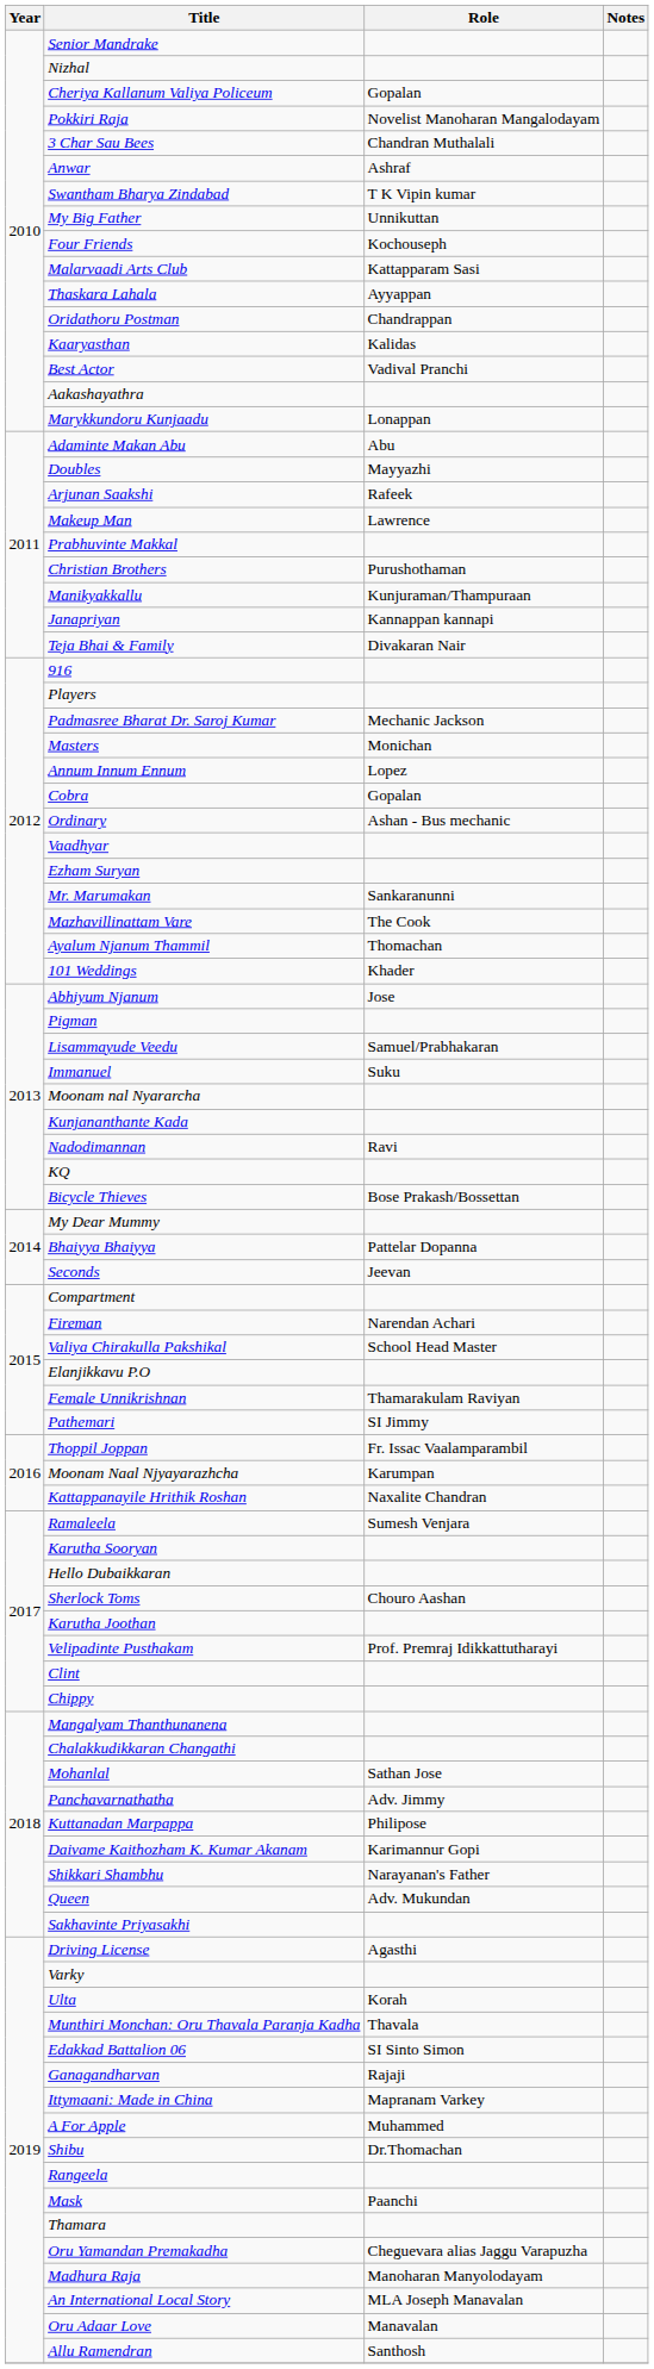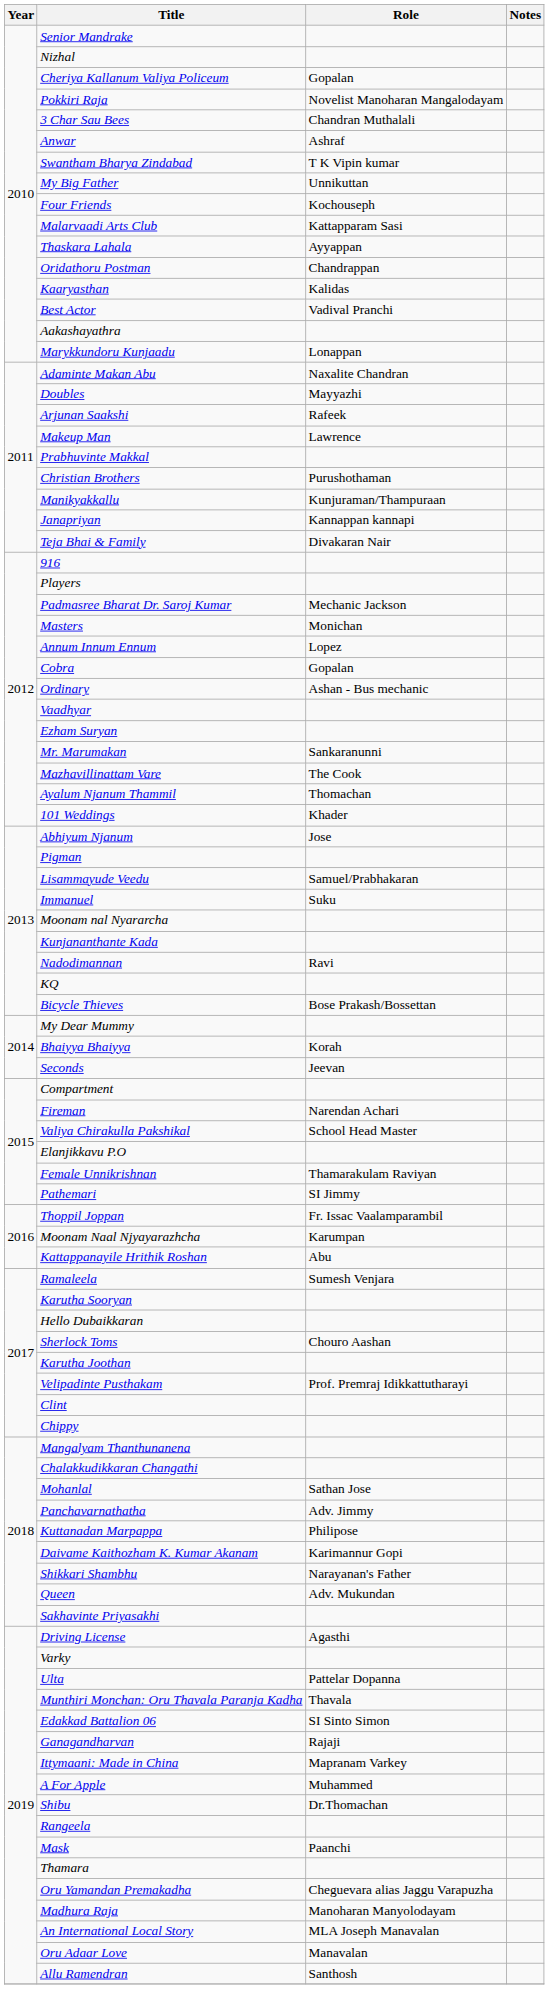 <table class="wikitable sortable">
 <tr>
 <th>Year</th>
 <th>Title</th>
 <th>Role</th>
 <th class="unsortable">Notes</th>
 </tr>
 <tr>
 <td rowspan=16>2010</td>
 <td><em><a href='#'>Senior Mandrake</a></em></td>
 <td></td>
 <td></td>
 </tr>
 <tr>
 <td><em>Nizhal</em></td>
 <td></td>
 <td></td>
 </tr>
 <tr>
 <td><em><a href='#'>Cheriya Kallanum Valiya Policeum</a></em></td>
 <td>Gopalan</td>
 <td></td>
 </tr>
 <tr>
 <td><em><a href='#'>Pokkiri Raja</a></em></td>
 <td>Novelist Manoharan Mangalodayam</td>
 <td></td>
 </tr>
 <tr>
 <td><em><a href='#'>3 Char Sau Bees</a></em></td>
 <td>Chandran Muthalali</td>
 <td></td>
 </tr>
 <tr>
 <td><em><a href='#'>Anwar</a></em></td>
 <td>Ashraf</td>
 <td></td>
 </tr>
 <tr>
 <td><em><a href='#'>Swantham Bharya Zindabad</a></em></td>
 <td>T K Vipin kumar</td>
 <td></td>
 </tr>
 <tr>
 <td><em><a href='#'>My Big Father</a></em></td>
 <td>Unnikuttan</td>
 <td></td>
 </tr>
 <tr>
 <td><em><a href='#'>Four Friends</a></em></td>
 <td>Kochouseph</td>
 <td></td>
 </tr>
 <tr>
 <td><em><a href='#'>Malarvaadi Arts Club</a></em></td>
 <td>Kattapparam Sasi</td>
 <td></td>
 </tr>
 <tr>
 <td><em><a href='#'>Thaskara Lahala</a></em></td>
 <td>Ayyappan</td>
 <td></td>
 </tr>
 <tr>
 <td><em><a href='#'>Oridathoru Postman</a></em></td>
 <td>Chandrappan</td>
 <td></td>
 </tr>
 <tr>
 <td><em><a href='#'>Kaaryasthan</a></em></td>
 <td>Kalidas</td>
 <td></td>
 </tr>
 <tr>
 <td><em><a href='#'>Best Actor</a></em></td>
 <td>Vadival Pranchi</td>
 <td></td>
 </tr>
 <tr>
 <td><em>Aakashayathra</em></td>
 <td></td>
 <td></td>
 </tr>
 <tr>
 <td><em><a href='#'>Marykkundoru Kunjaadu</a></em></td>
 <td>Lonappan</td>
 <td></td>
 </tr>
 <tr>
 <td rowspan=9>2011</td>
 <td><em><a href='#'>Adaminte Makan Abu</a></em></td>
-<td>Abu</td>
+<td>Naxalite Chandran</td>
 <td></td>
 </tr>
 <tr>
 <td><em><a href='#'>Doubles</a></em></td>
 <td>Mayyazhi</td>
 <td></td>
 </tr>
 <tr>
 <td><em><a href='#'>Arjunan Saakshi</a></em></td>
 <td>Rafeek</td>
 <td></td>
 </tr>
 <tr>
 <td><em><a href='#'>Makeup Man</a></em></td>
 <td>Lawrence</td>
 <td></td>
 </tr>
 <tr>
 <td><em><a href='#'>Prabhuvinte Makkal</a></em></td>
 <td></td>
 <td></td>
 </tr>
 <tr>
 <td><em><a href='#'>Christian Brothers</a></em></td>
 <td>Purushothaman</td>
 <td></td>
 </tr>
 <tr>
 <td><em><a href='#'>Manikyakkallu</a></em></td>
 <td>Kunjuraman/Thampuraan</td>
 <td></td>
 </tr>
 <tr>
 <td><em><a href='#'>Janapriyan</a></em></td>
 <td>Kannappan kannapi</td>
 <td></td>
 </tr>
 <tr>
 <td><em><a href='#'>Teja Bhai & Family</a></em></td>
 <td>Divakaran Nair</td>
 <td></td>
 </tr>
 <tr>
 <td rowspan=13>2012</td>
 <td><em><a href='#'>916</a></em></td>
 <td></td>
 <td></td>
 </tr>
 <tr>
 <td><em>Players</em></td>
 <td></td>
 <td></td>
 </tr>
 <tr>
 <td><em><a href='#'>Padmasree Bharat Dr. Saroj Kumar</a></em></td>
 <td>Mechanic Jackson</td>
 <td></td>
 </tr>
 <tr>
 <td><em><a href='#'>Masters</a></em></td>
 <td>Monichan</td>
 <td></td>
 </tr>
 <tr>
 <td><em><a href='#'>Annum Innum Ennum</a></em></td>
 <td>Lopez</td>
 <td></td>
 </tr>
 <tr>
 <td><em><a href='#'>Cobra</a></em></td>
 <td>Gopalan</td>
 <td></td>
 </tr>
 <tr>
 <td><em><a href='#'>Ordinary</a></em></td>
 <td>Ashan - Bus mechanic</td>
 <td></td>
 </tr>
 <tr>
 <td><em><a href='#'>Vaadhyar</a></em></td>
 <td></td>
 <td></td>
 </tr>
 <tr>
 <td><em><a href='#'>Ezham Suryan</a></em></td>
 <td></td>
 <td></td>
 </tr>
 <tr>
 <td><em><a href='#'>Mr. Marumakan</a></em></td>
 <td>Sankaranunni</td>
 <td></td>
 </tr>
 <tr>
 <td><em><a href='#'>Mazhavillinattam Vare</a></em></td>
 <td>The Cook</td>
 <td></td>
 </tr>
 <tr>
 <td><em><a href='#'>Ayalum Njanum Thammil</a></em></td>
 <td>Thomachan</td>
 <td></td>
 </tr>
 <tr>
 <td><em><a href='#'>101 Weddings</a></em></td>
 <td>Khader</td>
 <td></td>
 </tr>
 <tr>
 <td rowspan=9>2013</td>
 <td><em><a href='#'>Abhiyum Njanum</a></em></td>
 <td>Jose</td>
 <td></td>
 </tr>
 <tr>
 <td><em><a href='#'>Pigman</a></em></td>
 <td></td>
 <td></td>
 </tr>
 <tr>
 <td><em><a href='#'>Lisammayude Veedu</a></em></td>
 <td>Samuel/Prabhakaran</td>
 <td></td>
 </tr>
 <tr>
 <td><em><a href='#'>Immanuel</a></em></td>
 <td>Suku</td>
 <td></td>
 </tr>
 <tr>
 <td><em>Moonam nal Nyararcha</em></td>
 <td></td>
 <td></td>
 </tr>
 <tr>
 <td><em><a href='#'>Kunjananthante Kada</a></em></td>
 <td></td>
 <td></td>
 </tr>
 <tr>
 <td><em><a href='#'>Nadodimannan</a></em></td>
 <td>Ravi</td>
 <td></td>
 </tr>
 <tr>
 <td><em>KQ</em></td>
 <td></td>
 <td></td>
 </tr>
 <tr>
 <td><em><a href='#'>Bicycle Thieves</a></em></td>
 <td>Bose Prakash/Bossettan</td>
 <td></td>
 </tr>
 <tr>
 <td rowspan=3>2014</td>
 <td><em>My Dear Mummy</em></td>
 <td></td>
 <td></td>
 </tr>
 <tr>
 <td><em><a href='#'>Bhaiyya Bhaiyya</a></em></td>
-<td>Pattelar Dopanna</td>
+<td>Korah</td>
 <td></td>
 </tr>
 <tr>
 <td><em><a href='#'>Seconds</a></em></td>
 <td>Jeevan</td>
 <td></td>
 </tr>
 <tr>
 <td rowspan=6>2015</td>
 <td><em>Compartment</em></td>
 <td></td>
 <td></td>
 </tr>
 <tr>
 <td><em><a href='#'>Fireman</a></em></td>
 <td>Narendan Achari</td>
 <td></td>
 </tr>
 <tr>
 <td><em><a href='#'>Valiya Chirakulla Pakshikal</a></em></td>
 <td>School Head Master</td>
 <td></td>
 </tr>
 <tr>
 <td><em>Elanjikkavu P.O</em></td>
 <td></td>
 <td></td>
 </tr>
 <tr>
 <td><em><a href='#'>Female Unnikrishnan</a></em></td>
 <td>Thamarakulam Raviyan</td>
 <td></td>
 </tr>
 <tr>
 <td><em><a href='#'>Pathemari</a></em></td>
 <td>SI Jimmy</td>
 <td></td>
 </tr>
 <tr>
 <td rowspan=3>2016</td>
 <td><em><a href='#'>Thoppil Joppan</a></em></td>
 <td>Fr. Issac Vaalamparambil</td>
 <td></td>
 </tr>
 <tr>
 <td><em>Moonam Naal Njyayarazhcha</em></td>
 <td>Karumpan</td>
 <td></td>
 </tr>
 <tr>
 <td><em><a href='#'>Kattappanayile Hrithik Roshan</a></em></td>
-<td>Naxalite Chandran</td>
+<td>Abu</td>
 <td></td>
 </tr>
 <tr>
 <td rowspan=8>2017</td>
 <td><em><a href='#'>Ramaleela</a></em></td>
 <td>Sumesh Venjara</td>
 <td></td>
 </tr>
 <tr>
 <td><em><a href='#'>Karutha Sooryan</a></em></td>
 <td></td>
 <td></td>
 </tr>
 <tr>
 <td><em>Hello Dubaikkaran</em></td>
 <td></td>
 <td></td>
 </tr>
 <tr>
 <td><em><a href='#'>Sherlock Toms</a></em></td>
 <td>Chouro Aashan</td>
 <td></td>
 </tr>
 <tr>
 <td><em><a href='#'>Karutha Joothan</a></em></td>
 <td></td>
 <td></td>
 </tr>
 <tr>
 <td><em><a href='#'>Velipadinte Pusthakam</a></em></td>
 <td>Prof. Premraj Idikkattutharayi</td>
 <td></td>
 </tr>
 <tr>
 <td><em><a href='#'>Clint</a></em></td>
 <td></td>
 <td></td>
 </tr>
 <tr>
 <td><em><a href='#'>Chippy</a></em></td>
 <td></td>
 <td></td>
 </tr>
 <tr>
 <td rowspan=9>2018</td>
 <td><em><a href='#'>Mangalyam Thanthunanena</a></em></td>
 <td></td>
 <td></td>
 </tr>
 <tr>
 <td><em><a href='#'>Chalakkudikkaran Changathi</a></em></td>
 <td></td>
 <td></td>
 </tr>
 <tr>
 <td><em><a href='#'>Mohanlal</a></em></td>
 <td>Sathan Jose</td>
 <td></td>
 </tr>
 <tr>
 <td><em><a href='#'>Panchavarnathatha</a></em></td>
 <td>Adv. Jimmy</td>
 <td></td>
 </tr>
 <tr>
 <td><em><a href='#'>Kuttanadan Marpappa</a></em></td>
 <td>Philipose</td>
 <td></td>
 </tr>
 <tr>
 <td><em><a href='#'>Daivame Kaithozham K. Kumar Akanam</a></em></td>
 <td>Karimannur Gopi</td>
 <td></td>
 </tr>
 <tr>
 <td><em><a href='#'>Shikkari Shambhu</a></em></td>
 <td>Narayanan's Father</td>
 <td></td>
 </tr>
 <tr>
 <td><em><a href='#'>Queen</a></em></td>
 <td>Adv. Mukundan</td>
 <td></td>
 </tr>
 <tr>
 <td><em><a href='#'>Sakhavinte Priyasakhi</a></em></td>
 <td></td>
 <td></td>
 </tr>
 <tr>
 <td rowspan=17>2019</td>
 <td><em><a href='#'>Driving License</a></em></td>
 <td>Agasthi</td>
 <td></td>
 </tr>
 <tr>
 <td><em>Varky</em></td>
 <td></td>
 <td></td>
 </tr>
 <tr>
 <td><em><a href='#'>Ulta</a></em></td>
-<td>Korah</td>
+<td>Pattelar Dopanna</td>
 <td></td>
 </tr>
 <tr>
 <td><em><a href='#'>Munthiri Monchan: Oru Thavala Paranja Kadha</a></em></td>
 <td>Thavala</td>
 <td></td>
 </tr>
 <tr>
 <td><em><a href='#'>Edakkad Battalion 06</a></em></td>
 <td>SI Sinto Simon</td>
 <td></td>
 </tr>
 <tr>
 <td><em><a href='#'>Ganagandharvan</a></em></td>
 <td>Rajaji</td>
 <td></td>
 </tr>
 <tr>
 <td><em><a href='#'>Ittymaani: Made in China</a></em></td>
 <td>Mapranam Varkey</td>
 <td></td>
 </tr>
 <tr>
 <td><em><a href='#'>A For Apple</a></em></td>
 <td>Muhammed</td>
 <td></td>
 </tr>
 <tr>
 <td><em><a href='#'>Shibu</a></em></td>
 <td>Dr.Thomachan</td>
 <td></td>
 </tr>
 <tr>
 <td><em><a href='#'>Rangeela</a></em></td>
 <td></td>
 <td></td>
 </tr>
 <tr>
 <td><em><a href='#'>Mask</a></em></td>
 <td>Paanchi</td>
 <td></td>
 </tr>
 <tr>
 <td><em>Thamara</em></td>
 <td></td>
 <td></td>
 </tr>
 <tr>
 <td><em><a href='#'>Oru Yamandan Premakadha</a></em></td>
 <td>Cheguevara alias Jaggu Varapuzha</td>
 <td></td>
 </tr>
 <tr>
 <td><em><a href='#'>Madhura Raja</a></em></td>
 <td>Manoharan Manyolodayam</td>
 <td></td>
 </tr>
 <tr>
 <td><em><a href='#'>An International Local Story </a></em></td>
 <td>MLA Joseph Manavalan</td>
 <td></td>
 </tr>
 <tr>
 <td><em><a href='#'>Oru Adaar Love</a></em></td>
 <td>Manavalan</td>
 <td></td>
 </tr>
 <tr>
 <td><em><a href='#'>Allu Ramendran</a></em></td>
 <td>Santhosh</td>
 <td></td>
 </tr>
 <tr>
 </tr>
 </table>
